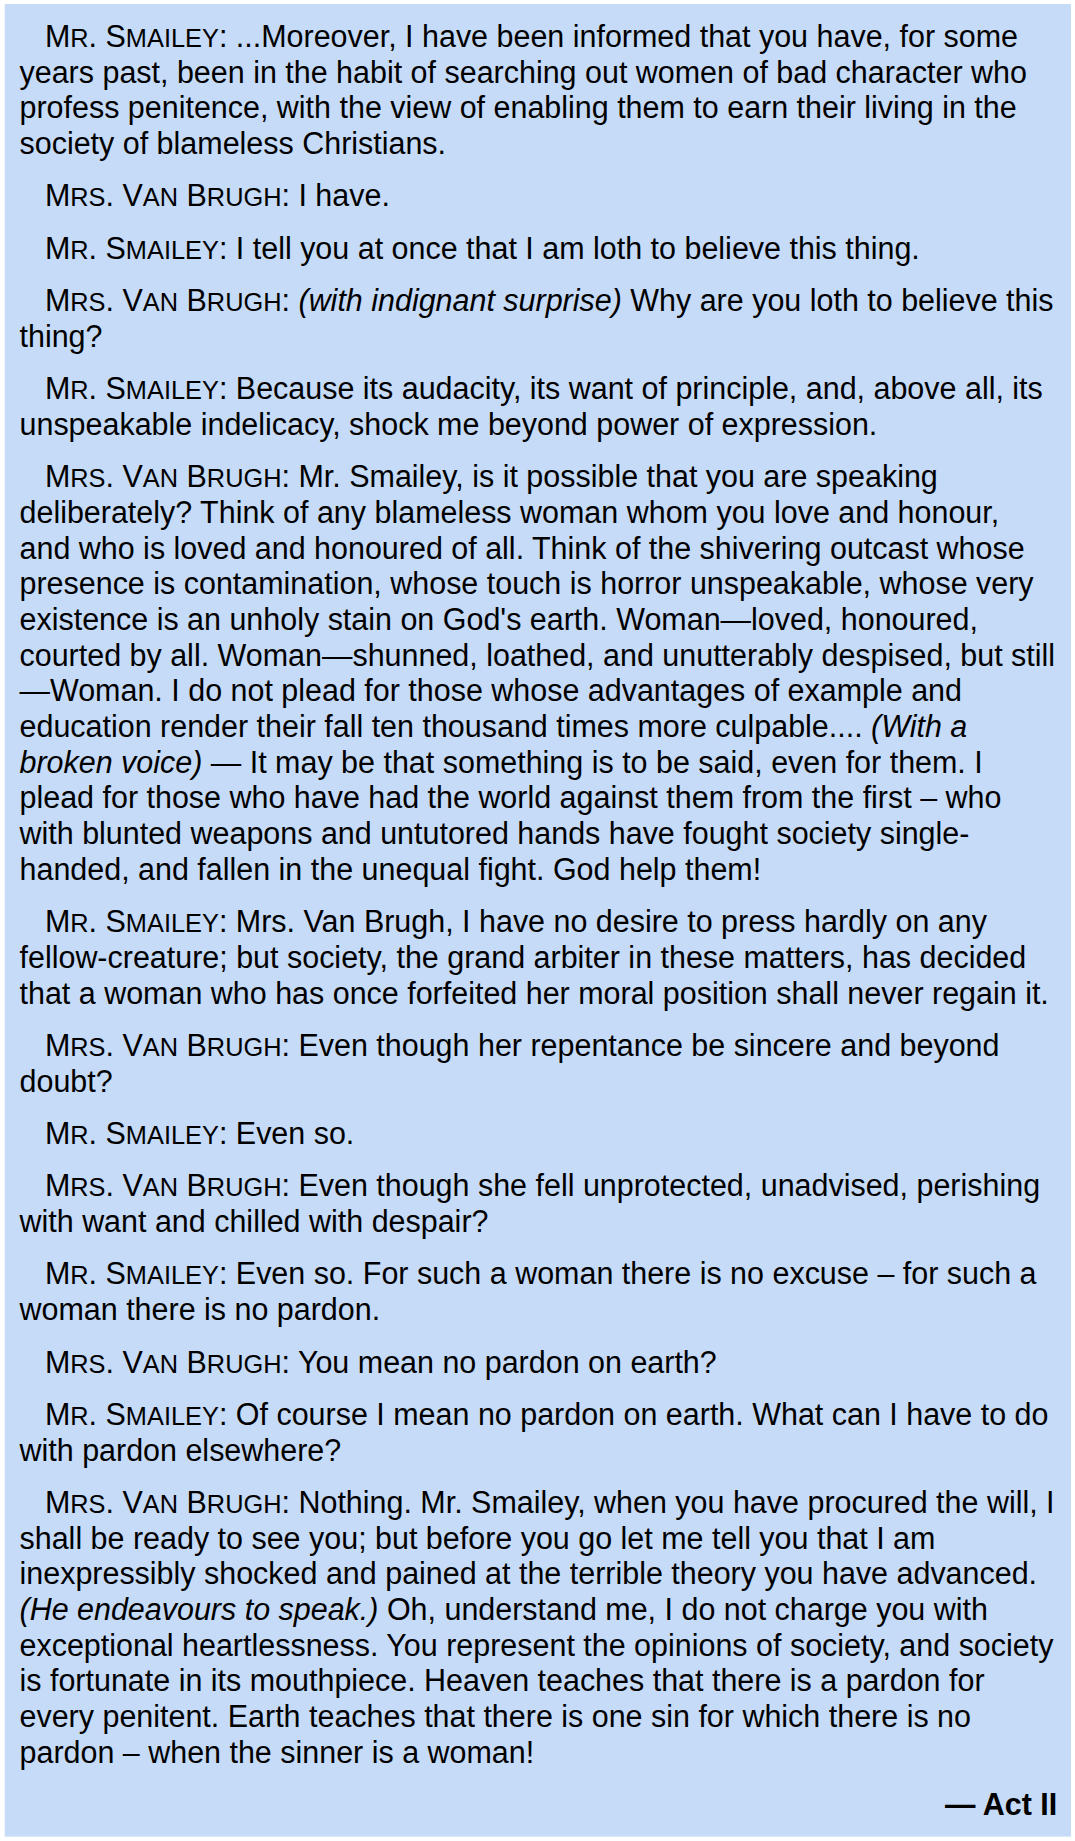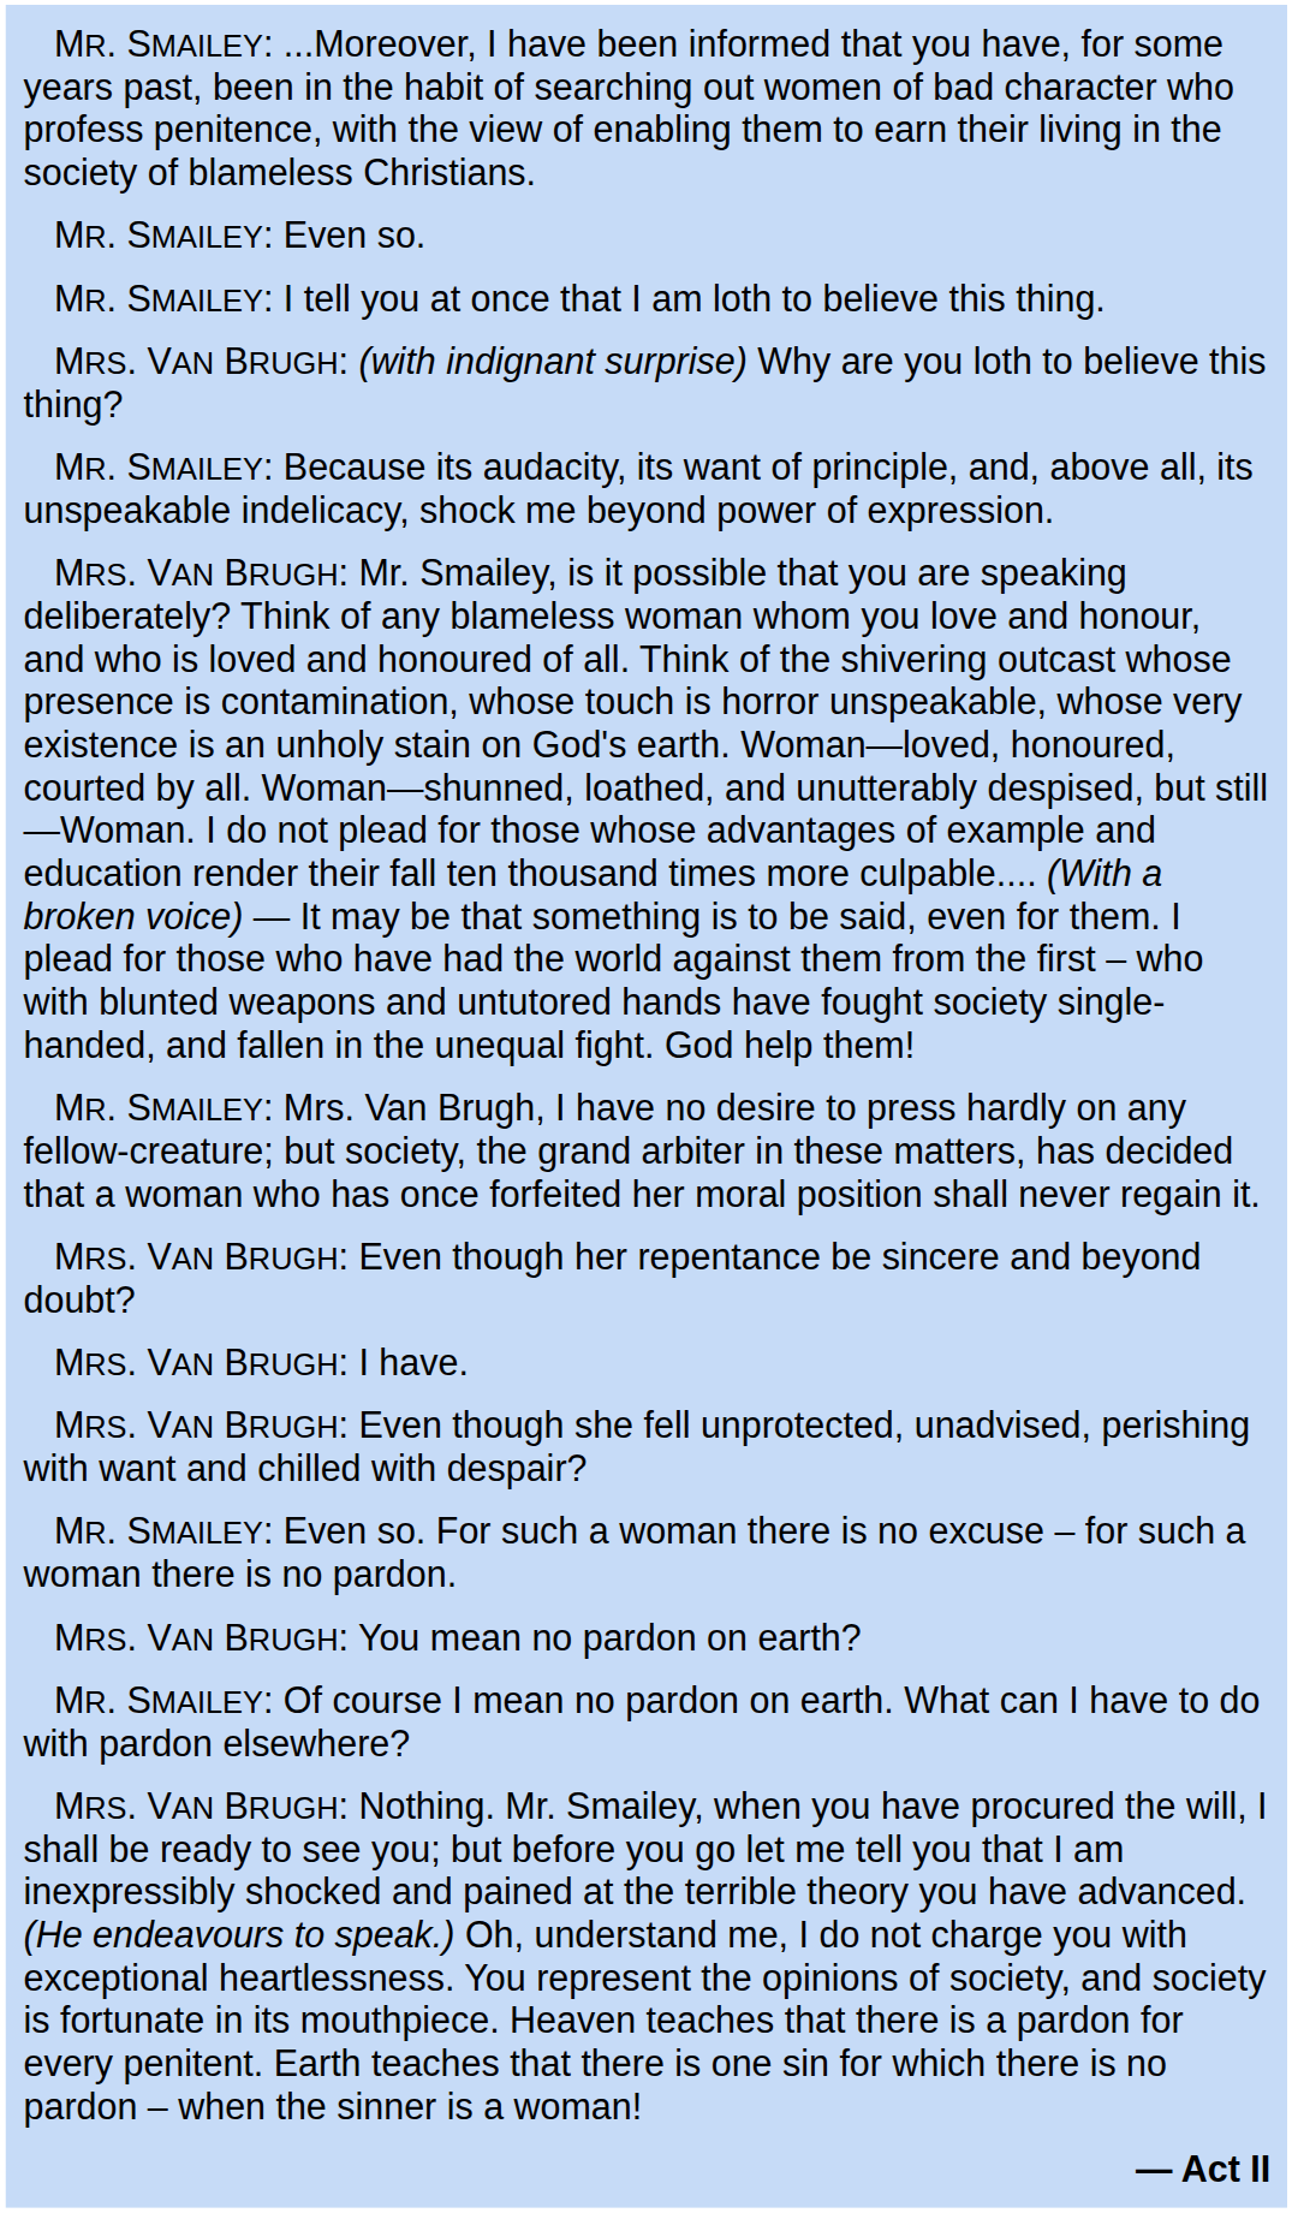 <table class="toccolours" style="float: right; margin-left: 3em; margin-right: 1em; font-size: 80%; background:#c6dbf7; color:black; width:35em; max-width: 40%;" cellspacing="5">
 <tr>
 <td style="text-align: left;">   M<small>R</small>. S<small>MAILEY</small>: ...Moreover, I have been informed that you have, for some years past, been in the habit of searching out women of bad character who profess penitence, with the view of enabling them to earn their living in the society of blameless Christians.</td>
 </tr>
 <tr>
-<td style="text-align: left;">   M<small>RS</small>. V<small>AN</small> B<small>RUGH</small>: I have.</td>
+<td style="text-align: left;">   M<small>R</small>. S<small>MAILEY</small>: Even so.</td>
 </tr>
 <tr>
 <td style="text-align: left;">   M<small>R</small>. S<small>MAILEY</small>: I tell you at once that I am loth to believe this thing.</td>
 </tr>
 <tr>
 <td style="text-align: left;">   M<small>RS</small>. V<small>AN</small> B<small>RUGH</small>: <em>(with indignant surprise)</em> Why are you loth to believe this thing?</td>
 </tr>
 <tr>
 <td style="text-align: left;">   M<small>R</small>. S<small>MAILEY</small>: Because its audacity, its want of principle, and, above all, its unspeakable indelicacy, shock me beyond power of expression.</td>
 </tr>
 <tr>
 <td style="text-align: left;">   M<small>RS</small>. V<small>AN</small> B<small>RUGH</small>:  Mr. Smailey, is it possible that you are speaking deliberately? Think of any blameless woman whom you love and honour, and who is loved and honoured of all. Think of the shivering outcast whose presence is contamination, whose touch is horror unspeakable, whose very existence is an unholy stain on God's earth. Woman—loved, honoured, courted by all. Woman—shunned, loathed, and unutterably despised, but still—Woman. I do not plead for those whose advantages of example and education render their fall ten thousand times more culpable.... <em>(With a broken voice)</em> — It may be that something is to be said, even for them. I plead for those who have had the world against them from the first – who with blunted weapons and untutored hands have fought society single-handed, and fallen in the unequal fight. God help them!</td>
 </tr>
 <tr>
 <td style="text-align: left;">   M<small>R</small>. S<small>MAILEY</small>: Mrs. Van Brugh, I have no desire to press hardly on any fellow-creature; but society, the grand arbiter in these matters, has decided that a woman who has once forfeited her moral position shall never regain it.</td>
 </tr>
 <tr>
 <td style="text-align: left;">   M<small>RS</small>. V<small>AN</small> B<small>RUGH</small>: Even though her repentance be sincere and beyond doubt?</td>
 </tr>
 <tr>
-<td style="text-align: left;">   M<small>R</small>. S<small>MAILEY</small>: Even so.</td>
+<td style="text-align: left;">   M<small>RS</small>. V<small>AN</small> B<small>RUGH</small>: I have.</td>
 </tr>
 <tr>
 <td style="text-align: left;">   M<small>RS</small>. V<small>AN</small> B<small>RUGH</small>: Even though she fell unprotected, unadvised, perishing with want and chilled with despair?</td>
 </tr>
 <tr>
 <td style="text-align: left;">   M<small>R</small>. S<small>MAILEY</small>: Even so. For such a woman there is no excuse – for such a woman there is no pardon.</td>
 </tr>
 <tr>
 <td style="text-align: left;">   M<small>RS</small>. V<small>AN</small> B<small>RUGH</small>: You mean no pardon on earth?</td>
 </tr>
 <tr>
 <td style="text-align: left;">   M<small>R</small>. S<small>MAILEY</small>: Of course I mean no pardon on earth. What can I have to do with pardon elsewhere?</td>
 </tr>
 <tr>
 <td style="text-align: left;">   M<small>RS</small>. V<small>AN</small> B<small>RUGH</small>: Nothing. Mr. Smailey, when you have procured the will, I shall be ready to see you; but before you go let me tell you that I am inexpressibly shocked and pained at the terrible theory you have advanced. <em>(He endeavours to speak.)</em> Oh, understand me, I do not charge you with exceptional heartlessness. You represent the opinions of society, and society is fortunate in its mouthpiece. Heaven teaches that there is a pardon for every penitent. Earth teaches that there is one sin for which there is no pardon – when the sinner is a woman!</td>
 </tr>
 <tr>
 <td style="text-align: right;"><strong>— Act II</strong></td>
 </tr>
 </table>
